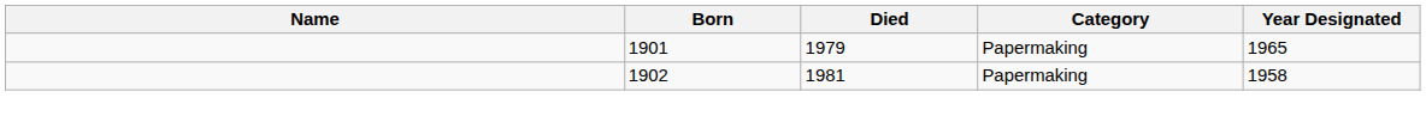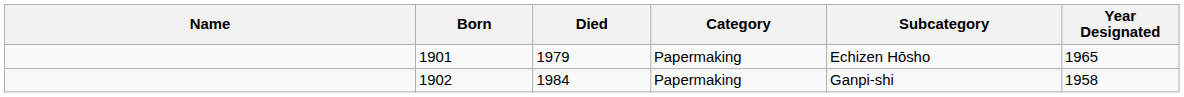 <table class="wikitable sortable"  width="100%" style="backgrōnd:#ffffff;">
 <tr>
 <th width="35%" align="left" style="backgrōnd:#ffdead;">Name</th>
 <th width="10%" align="left" style="backgrōnd:#ffdead;">Born</th>
 <th width="10%" align="left" style="backgrōnd:#ffdead;">Died</th>
 <th width="15%" align="left" style="backgrōnd:#ffdead;">Category</th>
+<th width="20%" align="left" style="backgrōnd:#ffdead;">Subcategory</th>
 <th width="10%" align="left" style="backgrōnd:#ffdead;">Year Designated</th>
 </tr>
 <tr>
 <td></td>
 <td>1901</td>
 <td>1979</td>
 <td>Papermaking</td>
+<td>Echizen Hōsho</td>
 <td>1965</td>
 </tr>
 <tr>
 <td></td>
 <td>1902</td>
-<td>1981</td>
+<td>1984</td>
 <td>Papermaking</td>
+<td>Ganpi-shi</td>
 <td>1958</td>
 </tr>
 </table>
